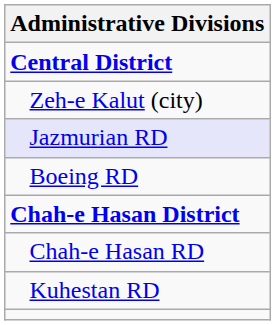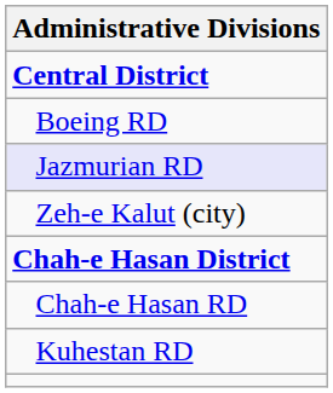 <table class="wikitable">
 <tr>
 <th>Administrative Divisions</th>
 </tr>
 <tr>
 <td><strong><a href='#'>Central District</a></strong></td>
 </tr>
 <tr>
-<td style="padding-left: 1em;"><a href='#'>Zeh-e Kalut</a> (city)</td>
+<td style="padding-left: 1em;"><a href='#'>Boeing RD</a></td>
 </tr>
 <tr>
 <td style="background: lavender; padding-left: 1em;"><a href='#'>Jazmurian RD</a></td>
 </tr>
 <tr>
-<td style="padding-left: 1em;"><a href='#'>Boeing RD</a></td>
+<td style="padding-left: 1em;"><a href='#'>Zeh-e Kalut</a> (city)</td>
 </tr>
 <tr>
 <td><strong><a href='#'>Chah-e Hasan District</a></strong></td>
 </tr>
 <tr>
 <td style="padding-left: 1em;"><a href='#'>Chah-e Hasan RD</a></td>
 </tr>
 <tr>
 <td style="padding-left: 1em;"><a href='#'>Kuhestan RD</a></td>
 </tr>
 <tr>
 <td colspan=1></td>
 </tr>
 </table>
